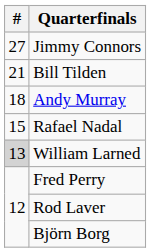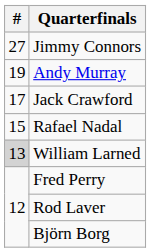 <table class=wikitable style="display:inline-table;">
 <tr>
 <th>#</th>
 <th>Quarterfinals</th>
 </tr>
 <tr>
 <td>27</td>
 <td> Jimmy Connors</td>
 </tr>
 <tr>
-<td>21</td>
-<td> Bill Tilden</td>
+<td>19</td>
+<td> <a href='#'>Andy Murray</a></td>
 </tr>
 <tr>
-<td>18</td>
-<td> <a href='#'>Andy Murray</a></td>
+<td>17</td>
+<td> Jack Crawford</td>
 </tr>
 <tr>
 <td>15</td>
 <td> Rafael Nadal</td>
 </tr>
 <tr>
 <td style="background: lightgrey;">13</td>
 <td> William Larned</td>
 </tr>
 <tr>
 <td rowspan="3">12</td>
 <td> Fred Perry</td>
 </tr>
 <tr>
 <td> Rod Laver</td>
 </tr>
 <tr>
 <td> Björn Borg</td>
 </tr>
 </table>
